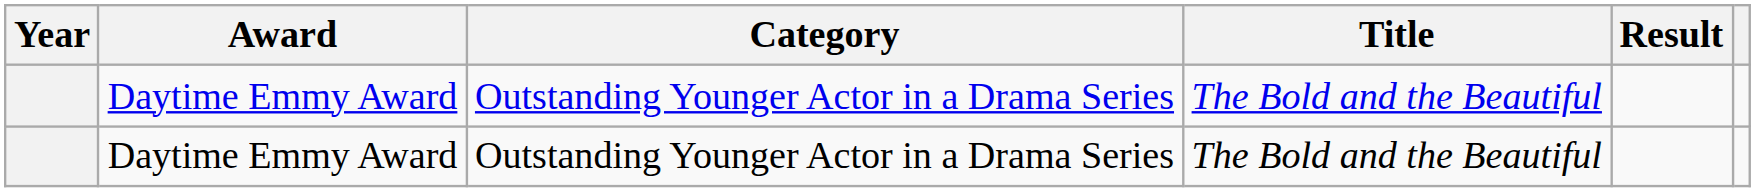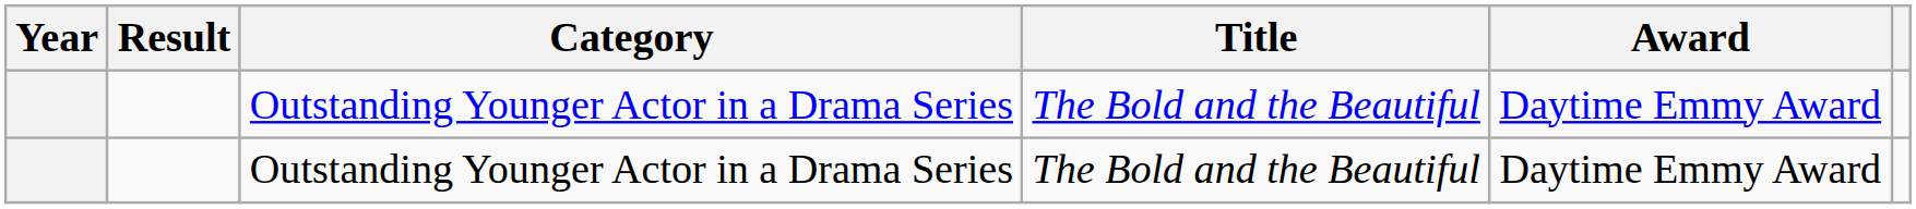 <table class="wikitable sortable plainrowheaders">
 <tr>
 <th scope="col">Year</th>
-<th scope="col">Award</th>
+<th scope="col">Result</th>
 <th scope="col">Category</th>
 <th scope="col">Title</th>
-<th scope="col">Result</th>
+<th scope="col">Award</th>
 <th scope="col" class="unsortable"></th>
 </tr>
 <tr>
 <th scope="row"></th>
-<td><a href='#'>Daytime Emmy Award</a></td>
+<td></td>
 <td><a href='#'>Outstanding Younger Actor in a Drama Series</a></td>
 <td><em><a href='#'>The Bold and the Beautiful</a></em></td>
-<td></td>
+<td><a href='#'>Daytime Emmy Award</a></td>
 <td></td>
 </tr>
 <tr>
 <th scope="row"></th>
-<td>Daytime Emmy Award</td>
+<td></td>
 <td>Outstanding Younger Actor in a Drama Series</td>
 <td><em>The Bold and the Beautiful</em></td>
-<td></td>
+<td>Daytime Emmy Award</td>
 <td></td>
 </tr>
 </table>
